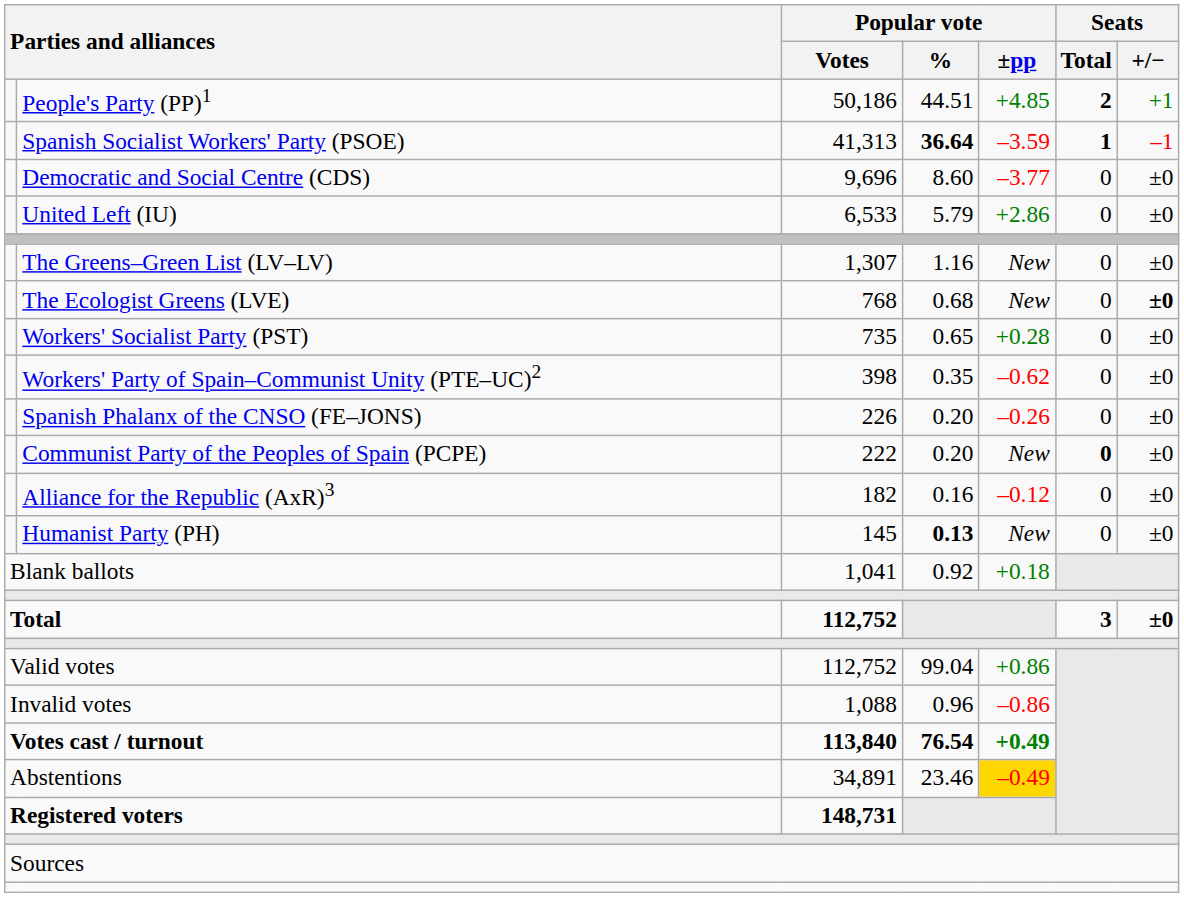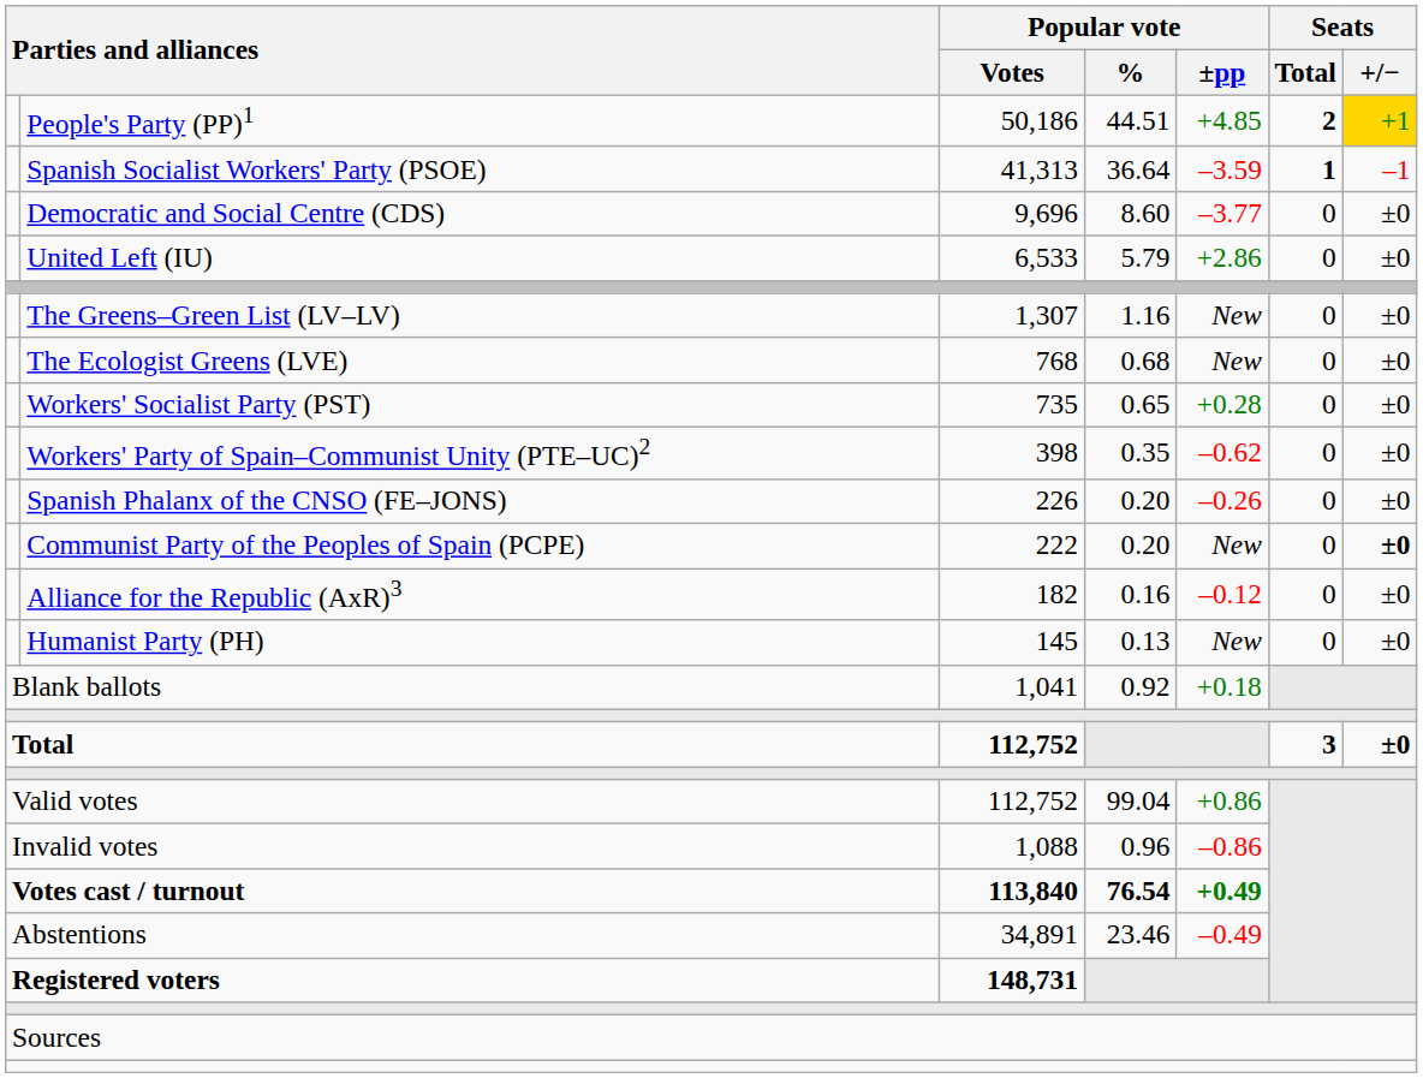 <table class="wikitable" style="text-align:right;">
 <tr>
 <th style="text-align:left;" rowspan="2" colspan="2" width="525">Parties and alliances</th>
 <th colspan="3">Popular vote</th>
 <th colspan="2">Seats</th>
 </tr>
 <tr>
 <th width="75">Votes</th>
 <th width="45">%</th>
 <th width="45">±<a href='#'>pp</a></th>
 <th width="35">Total</th>
 <th width="35">+/−</th>
 </tr>
 <tr>
 <td width="1" style="color:inherit;background:"></td>
 <td align="left"><a href='#'>People's Party</a> (PP)<sup>1</sup></td>
 <td>50,186</td>
 <td>44.51</td>
 <td style="color:green;">+4.85</td>
 <td><strong>2</strong></td>
-<td style="color:green;">+1</td>
+<td style="background: gold; color:green;">+1</td>
 </tr>
 <tr>
 <td style="color:inherit;background:"></td>
 <td align="left"><a href='#'>Spanish Socialist Workers' Party</a> (PSOE)</td>
 <td>41,313</td>
-<td><strong>36.64</strong></td>
+<td>36.64</td>
 <td style="color:red;">–3.59</td>
 <td><strong>1</strong></td>
 <td style="color:red;">–1</td>
 </tr>
 <tr>
 <td style="color:inherit;background:"></td>
 <td align="left"><a href='#'>Democratic and Social Centre</a> (CDS)</td>
 <td>9,696</td>
 <td>8.60</td>
 <td style="color:red;">–3.77</td>
 <td>0</td>
 <td>±0</td>
 </tr>
 <tr>
 <td style="color:inherit;background:"></td>
 <td align="left"><a href='#'>United Left</a> (IU)</td>
 <td>6,533</td>
 <td>5.79</td>
 <td style="color:green;">+2.86</td>
 <td>0</td>
 <td>±0</td>
 </tr>
 <tr>
 <td colspan="7" bgcolor="#C0C0C0"></td>
 </tr>
 <tr>
 <td style="color:inherit;background:"></td>
 <td align="left"><a href='#'>The Greens–Green List</a> (LV–LV)</td>
 <td>1,307</td>
 <td>1.16</td>
 <td><em>New</em></td>
 <td>0</td>
 <td>±0</td>
 </tr>
 <tr>
 <td style="color:inherit;background:"></td>
 <td align="left"><a href='#'>The Ecologist Greens</a> (LVE)</td>
 <td>768</td>
 <td>0.68</td>
 <td><em>New</em></td>
 <td>0</td>
-<td><strong>±0</strong></td>
+<td>±0</td>
 </tr>
 <tr>
 <td style="color:inherit;background:"></td>
 <td align="left"><a href='#'>Workers' Socialist Party</a> (PST)</td>
 <td>735</td>
 <td>0.65</td>
 <td style="color:green;">+0.28</td>
 <td>0</td>
 <td>±0</td>
 </tr>
 <tr>
 <td style="color:inherit;background:"></td>
 <td align="left"><a href='#'>Workers' Party of Spain–Communist Unity</a> (PTE–UC)<sup>2</sup></td>
 <td>398</td>
 <td>0.35</td>
 <td style="color:red;">–0.62</td>
 <td>0</td>
 <td>±0</td>
 </tr>
 <tr>
 <td style="color:inherit;background:"></td>
 <td align="left"><a href='#'>Spanish Phalanx of the CNSO</a> (FE–JONS)</td>
 <td>226</td>
 <td>0.20</td>
 <td style="color:red;">–0.26</td>
 <td>0</td>
 <td>±0</td>
 </tr>
 <tr>
 <td style="color:inherit;background:"></td>
 <td align="left"><a href='#'>Communist Party of the Peoples of Spain</a> (PCPE)</td>
 <td>222</td>
 <td>0.20</td>
 <td><em>New</em></td>
-<td><strong>0</strong></td>
-<td>±0</td>
+<td>0</td>
+<td><strong>±0</strong></td>
 </tr>
 <tr>
 <td style="color:inherit;background:"></td>
 <td align="left"><a href='#'>Alliance for the Republic</a> (AxR)<sup>3</sup></td>
 <td>182</td>
 <td>0.16</td>
 <td style="color:red;">–0.12</td>
 <td>0</td>
 <td>±0</td>
 </tr>
 <tr>
 <td style="color:inherit;background:"></td>
 <td align="left"><a href='#'>Humanist Party</a> (PH)</td>
 <td>145</td>
-<td><strong>0.13</strong></td>
+<td>0.13</td>
 <td><em>New</em></td>
 <td>0</td>
 <td>±0</td>
 </tr>
 <tr>
 <td align="left" colspan="2">Blank ballots</td>
 <td>1,041</td>
 <td>0.92</td>
 <td style="color:green;">+0.18</td>
 <td bgcolor="#E9E9E9" colspan="2"></td>
 </tr>
 <tr>
 <td colspan="7" bgcolor="#E9E9E9"></td>
 </tr>
 <tr style="font-weight:bold;">
 <td align="left" colspan="2">Total</td>
 <td>112,752</td>
 <td bgcolor="#E9E9E9" colspan="2"></td>
 <td>3</td>
 <td>±0</td>
 </tr>
 <tr>
 <td colspan="7" bgcolor="#E9E9E9"></td>
 </tr>
 <tr>
 <td align="left" colspan="2">Valid votes</td>
 <td>112,752</td>
 <td>99.04</td>
 <td style="color:green;">+0.86</td>
 <td bgcolor="#E9E9E9" colspan="2" rowspan="5"></td>
 </tr>
 <tr>
 <td align="left" colspan="2">Invalid votes</td>
 <td>1,088</td>
 <td>0.96</td>
 <td style="color:red;">–0.86</td>
 </tr>
 <tr style="font-weight:bold;">
 <td align="left" colspan="2">Votes cast / turnout</td>
 <td>113,840</td>
 <td>76.54</td>
 <td style="color:green;">+0.49</td>
 </tr>
 <tr>
 <td align="left" colspan="2">Abstentions</td>
 <td>34,891</td>
 <td>23.46</td>
-<td style="background: gold; color:red;">–0.49</td>
+<td style="color:red;">–0.49</td>
 </tr>
 <tr style="font-weight:bold;">
 <td align="left" colspan="2">Registered voters</td>
 <td>148,731</td>
 <td bgcolor="#E9E9E9" colspan="2"></td>
 </tr>
 <tr>
 <td colspan="7" bgcolor="#E9E9E9"></td>
 </tr>
 <tr>
 <td align="left" colspan="7">Sources</td>
 </tr>
 <tr>
 <td colspan="7" style="text-align:left; max-width:790px;"></td>
 </tr>
 </table>
